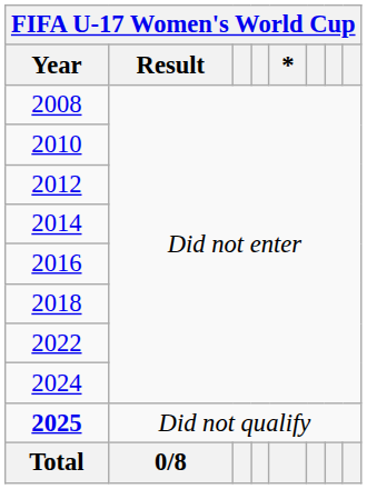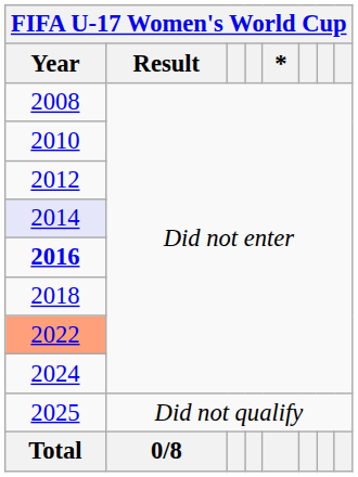 <table class="wikitable" style="text-align: center;">
 <tr>
 <th colspan=9><a href='#'>FIFA U-17 Women's World Cup</a></th>
 </tr>
 <tr>
 <th>Year</th>
 <th>Result</th>
 <th></th>
 <th></th>
 <th> *</th>
 <th></th>
 <th></th>
 <th></th>
 </tr>
 <tr>
 <td> <a href='#'>2008</a></td>
 <td rowspan=8 colspan=8><em>Did not enter</em></td>
 </tr>
 <tr>
 <td> <a href='#'>2010</a></td>
 </tr>
 <tr>
 <td> <a href='#'>2012</a></td>
 </tr>
 <tr>
-<td> <a href='#'>2014</a></td>
+<td style="background: lavender;"> <a href='#'>2014</a></td>
 </tr>
 <tr>
-<td> <a href='#'>2016</a></td>
+<td><strong> <a href='#'>2016</a></strong></td>
 </tr>
 <tr>
 <td> <a href='#'>2018</a></td>
 </tr>
 <tr>
-<td> <a href='#'>2022</a></td>
+<td style="background: lightsalmon;"> <a href='#'>2022</a></td>
 </tr>
 <tr>
 <td> <a href='#'>2024</a></td>
 </tr>
 <tr>
-<td><strong> <a href='#'>2025</a></strong></td>
+<td> <a href='#'>2025</a></td>
 <td colspan=8><em>Did not qualify</em></td>
 </tr>
 <tr>
 <th>Total</th>
 <th>0/8</th>
 <th></th>
 <th></th>
 <th></th>
 <th></th>
 <th></th>
 <th></th>
 </tr>
 </table>
